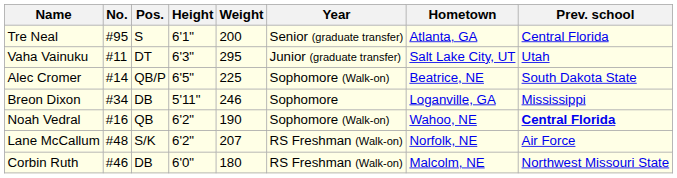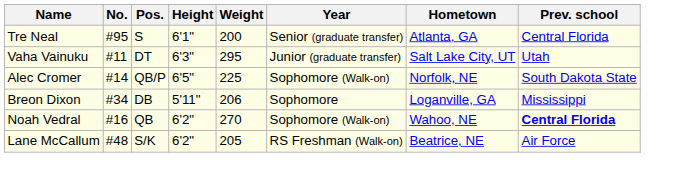 <table class="wikitable sortable">
 <tr>
 <th>Name</th>
 <th>No.</th>
 <th>Pos.</th>
 <th>Height</th>
 <th>Weight</th>
 <th>Year</th>
 <th>Hometown</th>
 <th class="unsortable">Prev. school</th>
 </tr>
 <tr style="background:#FFFFE6;">
 <td>Tre Neal</td>
 <td>#95</td>
 <td>S</td>
 <td>6'1"</td>
 <td>200</td>
 <td>Senior <small>(graduate transfer)</small></td>
 <td><a href='#'>Atlanta, GA</a></td>
 <td><a href='#'>Central Florida</a></td>
 </tr>
 <tr style="background:#FFFFE6;">
 <td>Vaha Vainuku</td>
 <td>#11</td>
 <td>DT</td>
 <td>6'3"</td>
 <td>295</td>
 <td>Junior <small>(graduate transfer)</small></td>
 <td><a href='#'>Salt Lake City, UT</a></td>
 <td><a href='#'>Utah</a></td>
 </tr>
 <tr style="background:#FFFFE6;">
 <td>Alec Cromer</td>
 <td>#14</td>
 <td>QB/P</td>
 <td>6'5"</td>
 <td>225</td>
 <td>Sophomore <small>(Walk-on)</small></td>
-<td><a href='#'>Beatrice, NE</a></td>
+<td><a href='#'>Norfolk, NE</a></td>
 <td><a href='#'>South Dakota State</a></td>
 </tr>
 <tr style="background:#FFFFE6;">
 <td>Breon Dixon</td>
 <td>#34</td>
 <td>DB</td>
 <td>5'11"</td>
-<td>246</td>
+<td>206</td>
 <td>Sophomore</td>
 <td><a href='#'>Loganville, GA</a></td>
 <td><a href='#'>Mississippi</a></td>
 </tr>
 <tr style="background:#FFFFE6;">
 <td>Noah Vedral</td>
 <td>#16</td>
 <td>QB</td>
 <td>6'2"</td>
-<td>190</td>
+<td>270</td>
 <td>Sophomore <small>(Walk-on)</small></td>
 <td><a href='#'>Wahoo, NE</a></td>
 <td><strong><a href='#'>Central Florida</a></strong></td>
 </tr>
 <tr style="background:#FFFFE6;">
 <td>Lane McCallum</td>
 <td>#48</td>
 <td>S/K</td>
 <td>6'2"</td>
-<td>207</td>
+<td>205</td>
 <td>RS Freshman <small>(Walk-on)</small></td>
-<td><a href='#'>Norfolk, NE</a></td>
+<td><a href='#'>Beatrice, NE</a></td>
 <td><a href='#'>Air Force</a></td>
 </tr>
-<tr style="background:#FFFFE6;">
-<td>Corbin Ruth</td>
-<td>#46</td>
-<td>DB</td>
-<td>6'0"</td>
-<td>180</td>
-<td>RS Freshman <small>(Walk-on)</small></td>
-<td><a href='#'>Malcolm, NE</a></td>
-<td><a href='#'>Northwest Missouri State</a></td>
-</tr>
 </table>
